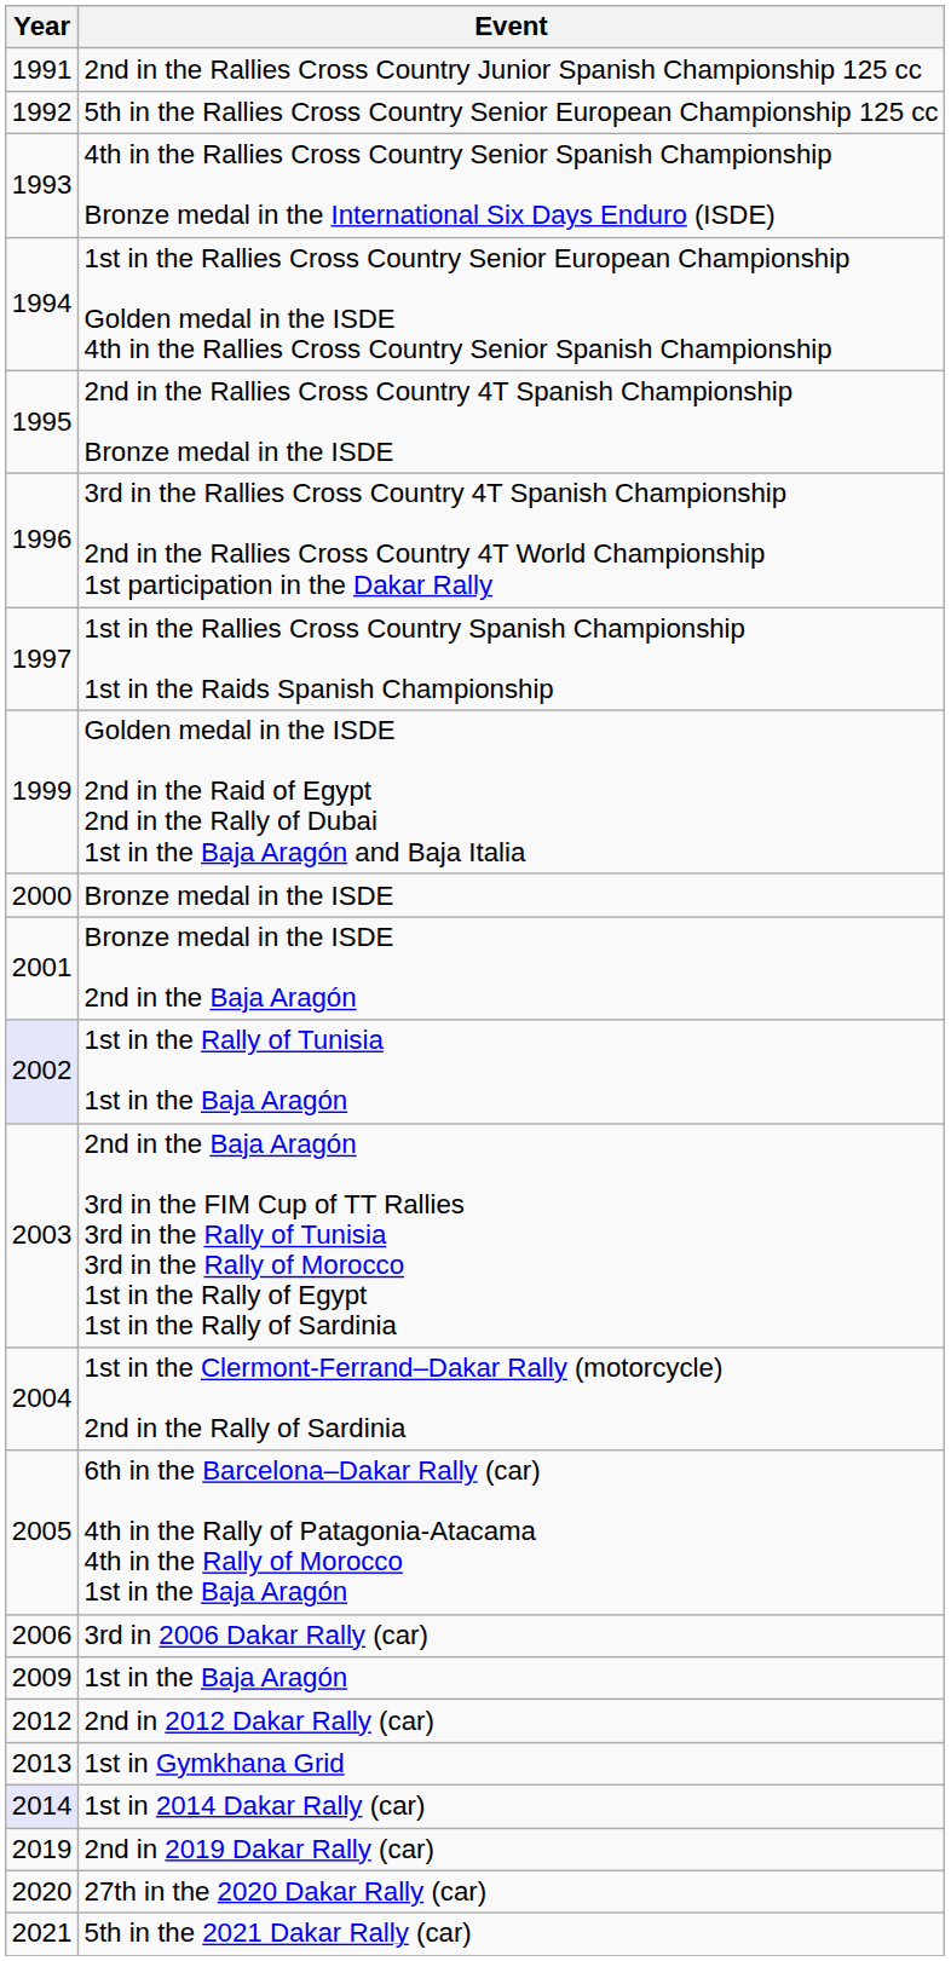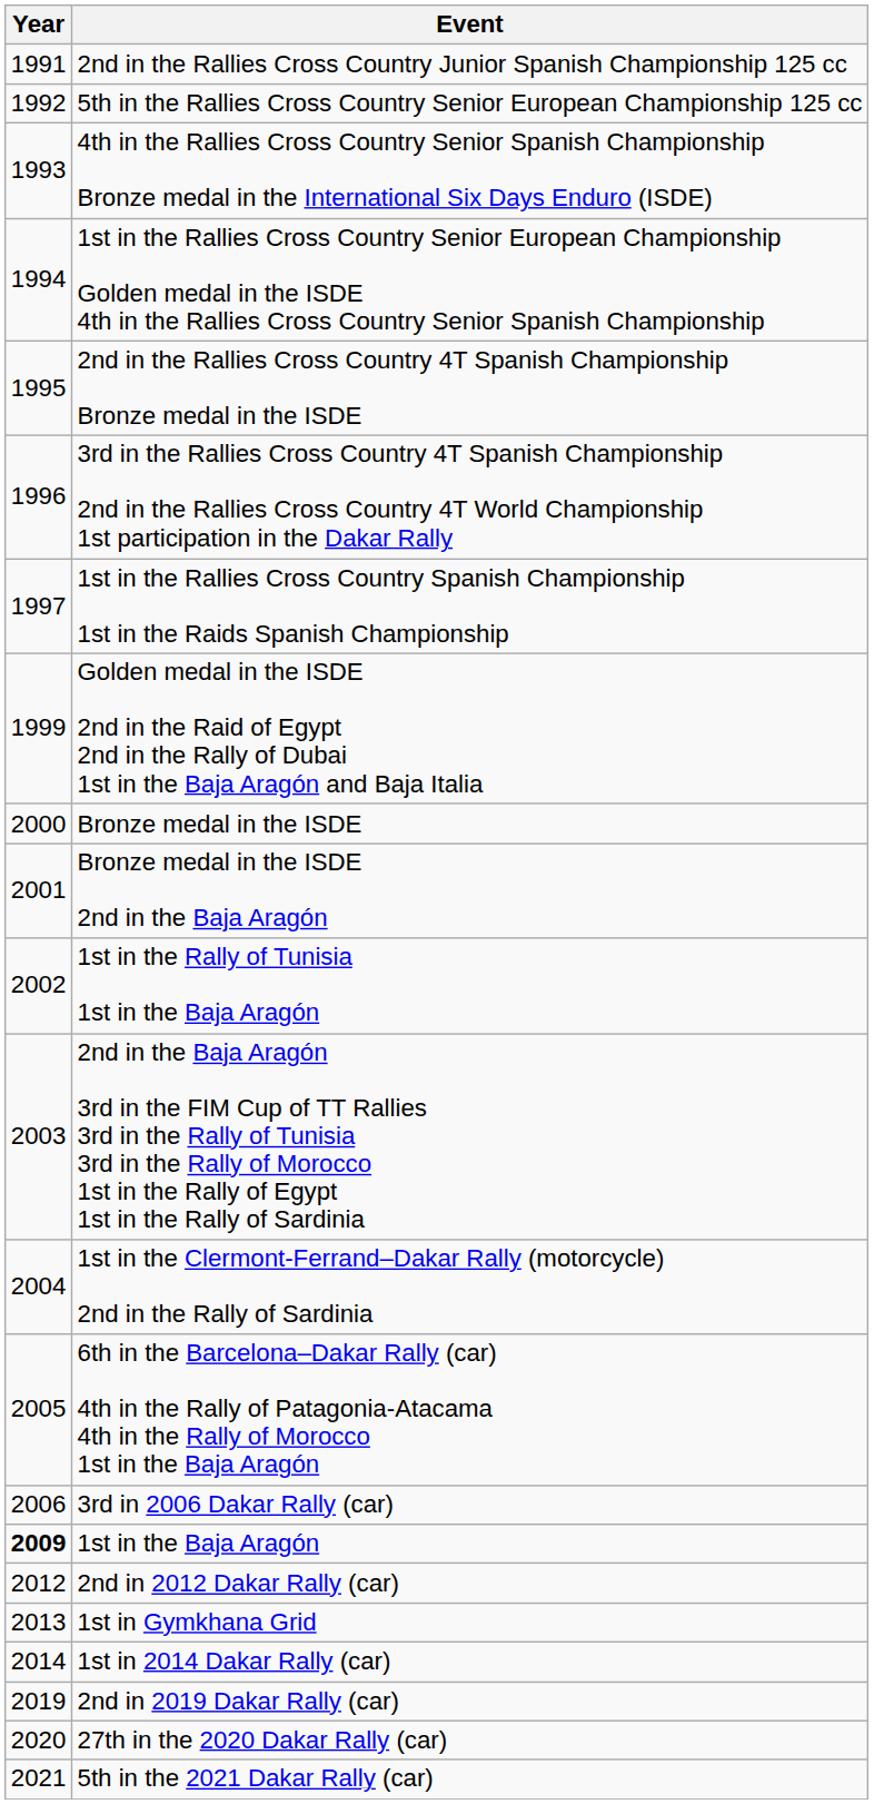 <table class="wikitable">
 <tr>
 <th><strong>Year</strong></th>
 <th><strong>Event</strong></th>
 </tr>
 <tr>
 <td align="center">1991</td>
 <td>2nd in the Rallies Cross Country Junior Spanish Championship 125 cc</td>
 </tr>
 <tr>
 <td align="center">1992</td>
 <td>5th in the Rallies Cross Country Senior European Championship 125 cc</td>
 </tr>
 <tr>
 <td align="center">1993</td>
 <td>4th in the Rallies Cross Country Senior Spanish Championship<br><br>Bronze medal in the <a href='#'>International Six Days Enduro</a> (ISDE)</td>
 </tr>
 <tr>
 <td align="center">1994</td>
 <td>1st in the Rallies Cross Country Senior European Championship<br><br>Golden medal in the ISDE<br> 4th in the Rallies Cross Country Senior Spanish Championship</td>
 </tr>
 <tr>
 <td align="center">1995</td>
 <td>2nd in the Rallies Cross Country 4T Spanish Championship<br><br>Bronze medal in the ISDE</td>
 </tr>
 <tr>
 <td align="center">1996</td>
 <td>3rd in the Rallies Cross Country 4T Spanish Championship<br><br>2nd in the Rallies Cross Country 4T World Championship<br> 1st participation in the <a href='#'>Dakar Rally</a></td>
 </tr>
 <tr>
 <td align="center">1997</td>
 <td>1st in the Rallies Cross Country Spanish Championship<br><br>1st in the Raids Spanish Championship</td>
 </tr>
 <tr>
 <td align="center">1999</td>
 <td>Golden medal in the ISDE<br><br>2nd in the Raid of Egypt<br> 2nd in the Rally of Dubai<br> 1st in the <a href='#'>Baja Aragón</a> and Baja Italia</td>
 </tr>
 <tr>
 <td align="center">2000</td>
 <td>Bronze medal in the ISDE</td>
 </tr>
 <tr>
 <td align="center">2001</td>
 <td>Bronze medal in the ISDE<br><br>2nd in the <a href='#'>Baja Aragón</a></td>
 </tr>
 <tr>
-<td align="center" style="background: lavender;">2002</td>
+<td align="center">2002</td>
 <td>1st in the <a href='#'>Rally of Tunisia</a><br><br>1st in the <a href='#'>Baja Aragón</a></td>
 </tr>
 <tr>
 <td align="center">2003</td>
 <td>2nd in the <a href='#'>Baja Aragón</a><br><br>3rd in the FIM Cup of TT Rallies<br> 3rd in the <a href='#'>Rally of Tunisia</a><br> 3rd in the <a href='#'>Rally of Morocco</a><br> 1st in the Rally of Egypt<br> 1st in the Rally of Sardinia</td>
 </tr>
 <tr>
 <td align="center">2004</td>
 <td>1st in the <a href='#'>Clermont-Ferrand–Dakar Rally</a> (motorcycle)<br><br>2nd in the Rally of Sardinia</td>
 </tr>
 <tr>
 <td align="center">2005</td>
 <td>6th in the <a href='#'>Barcelona–Dakar Rally</a> (car)<br><br>4th in the Rally of Patagonia-Atacama<br> 4th in the <a href='#'>Rally of Morocco</a><br> 1st in the <a href='#'>Baja Aragón</a></td>
 </tr>
 <tr>
 <td align="center">2006</td>
 <td>3rd in <a href='#'>2006 Dakar Rally</a> (car)</td>
 </tr>
 <tr>
-<td align="center">2009</td>
+<td align="center"><strong>2009</strong></td>
 <td>1st in the <a href='#'>Baja Aragón</a></td>
 </tr>
 <tr>
 <td align="center">2012</td>
 <td>2nd in <a href='#'>2012 Dakar Rally</a> (car)</td>
 </tr>
 <tr>
 <td align="center">2013</td>
 <td>1st in <a href='#'>Gymkhana Grid</a></td>
 </tr>
 <tr>
-<td align="center" style="background: lavender;">2014</td>
+<td align="center">2014</td>
 <td>1st in <a href='#'>2014 Dakar Rally</a> (car)</td>
 </tr>
 <tr>
 <td align="center">2019</td>
 <td>2nd in <a href='#'>2019 Dakar Rally</a> (car)</td>
 </tr>
 <tr>
 <td>2020</td>
 <td>27th in the <a href='#'>2020 Dakar Rally</a> (car)</td>
 </tr>
 <tr>
 <td>2021</td>
 <td>5th in the <a href='#'>2021 Dakar Rally</a> (car)</td>
 </tr>
 <tr>
 </tr>
 </table>
